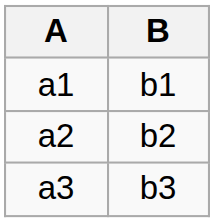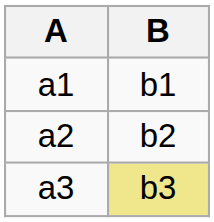 <table class="wikitable" style="float:left" width="100" align=center>
 <tr>
 <th>A</th>
 <th>B</th>
 </tr>
 <tr>
 <td align=center>a1</td>
 <td align=center>b1</td>
 </tr>
 <tr>
 <td align=center>a2</td>
 <td align=center>b2</td>
 </tr>
 <tr>
 <td align=center>a3</td>
-<td align=center>b3</td>
+<td align=center style="background: khaki;">b3</td>
 </tr>
 </table>
